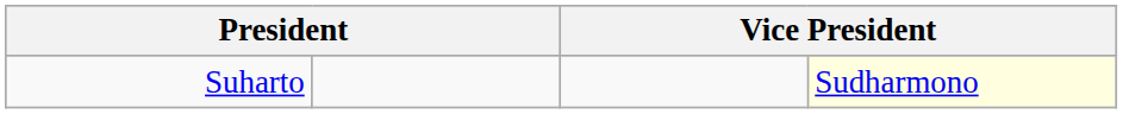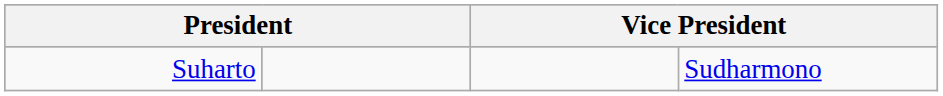 <table class="wikitable">
 <tr>
 <th colspan="2" width=270>President</th>
 <th colspan="2" width=270>Vice President</th>
 </tr>
 <tr>
 <td align="right"><a href='#'>Suharto</a></td>
 <td align="center" width=117></td>
 <td align="center" width=116></td>
-<td align="left" style="background: lightyellow;"><a href='#'>Sudharmono</a></td>
+<td align="left"><a href='#'>Sudharmono</a></td>
 </tr>
 </table>
